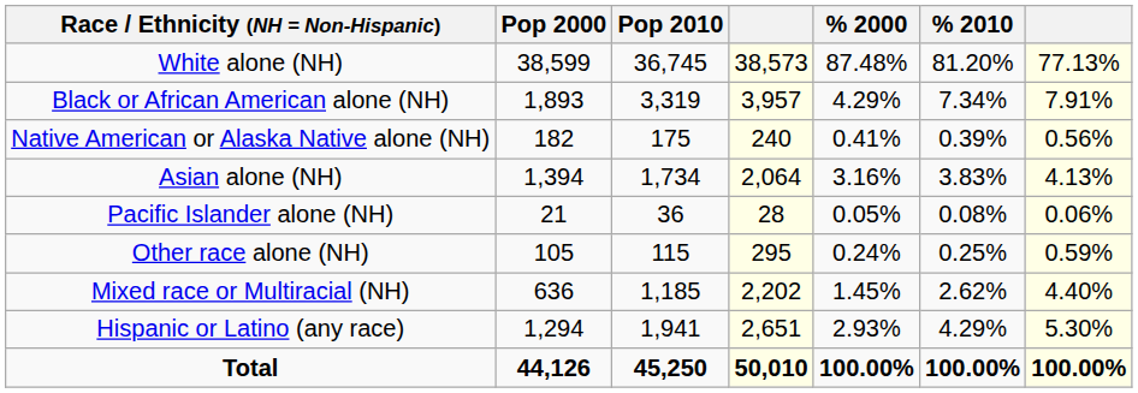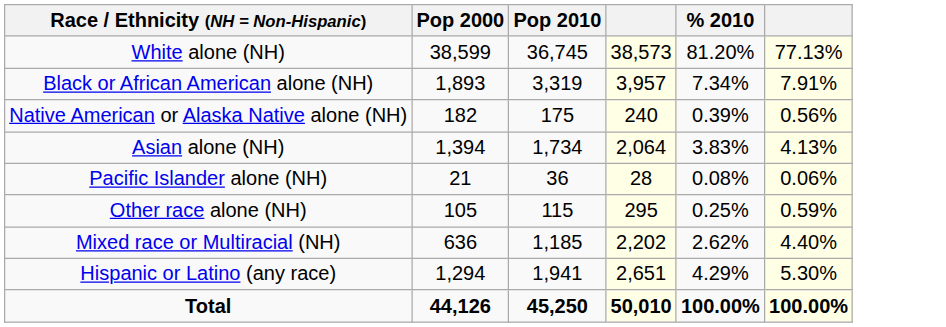 <table class="wikitable" style="text-align:center;">
 <tr>
 <th>Race / Ethnicity <small>(<em>NH = Non-Hispanic</em>)</small></th>
 <th>Pop 2000</th>
 <th>Pop 2010</th>
 <th></th>
-<th>% 2000</th>
 <th>% 2010</th>
 <th></th>
 </tr>
 <tr>
 <td><a href='#'>White</a> alone (NH)</td>
 <td>38,599</td>
 <td>36,745</td>
 <td style='background: #ffffe6;'>38,573</td>
-<td>87.48%</td>
 <td>81.20%</td>
 <td style='background: #ffffe6;'>77.13%</td>
 </tr>
 <tr>
 <td><a href='#'>Black or African American</a> alone (NH)</td>
 <td>1,893</td>
 <td>3,319</td>
 <td style='background: #ffffe6;'>3,957</td>
-<td>4.29%</td>
 <td>7.34%</td>
 <td style='background: #ffffe6;'>7.91%</td>
 </tr>
 <tr>
 <td><a href='#'>Native American</a> or <a href='#'>Alaska Native</a> alone (NH)</td>
 <td>182</td>
 <td>175</td>
 <td style='background: #ffffe6;'>240</td>
-<td>0.41%</td>
 <td>0.39%</td>
 <td style='background: #ffffe6;'>0.56%</td>
 </tr>
 <tr>
 <td><a href='#'>Asian</a> alone (NH)</td>
 <td>1,394</td>
 <td>1,734</td>
 <td style='background: #ffffe6;'>2,064</td>
-<td>3.16%</td>
 <td>3.83%</td>
 <td style='background: #ffffe6;'>4.13%</td>
 </tr>
 <tr>
 <td><a href='#'>Pacific Islander</a> alone (NH)</td>
 <td>21</td>
 <td>36</td>
 <td style='background: #ffffe6;'>28</td>
-<td>0.05%</td>
 <td>0.08%</td>
 <td style='background: #ffffe6;'>0.06%</td>
 </tr>
 <tr>
 <td><a href='#'>Other race</a> alone (NH)</td>
 <td>105</td>
 <td>115</td>
 <td style='background: #ffffe6;'>295</td>
-<td>0.24%</td>
 <td>0.25%</td>
 <td style='background: #ffffe6;'>0.59%</td>
 </tr>
 <tr>
 <td><a href='#'>Mixed race or Multiracial</a> (NH)</td>
 <td>636</td>
 <td>1,185</td>
 <td style='background: #ffffe6;'>2,202</td>
-<td>1.45%</td>
 <td>2.62%</td>
 <td style='background: #ffffe6;'>4.40%</td>
 </tr>
 <tr>
 <td><a href='#'>Hispanic or Latino</a> (any race)</td>
 <td>1,294</td>
 <td>1,941</td>
 <td style='background: #ffffe6;'>2,651</td>
-<td>2.93%</td>
 <td>4.29%</td>
 <td style='background: #ffffe6;'>5.30%</td>
 </tr>
 <tr>
 <td><strong>Total</strong></td>
 <td><strong>44,126</strong></td>
 <td><strong>45,250</strong></td>
 <td style='background: #ffffe6;'><strong>50,010</strong></td>
 <td><strong>100.00%</strong></td>
-<td><strong>100.00%</strong></td>
 <td style='background: #ffffe6;'><strong>100.00%</strong></td>
 </tr>
 </table>
